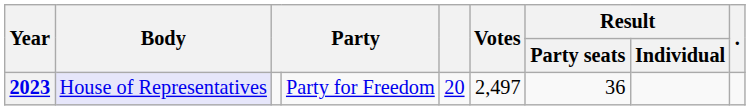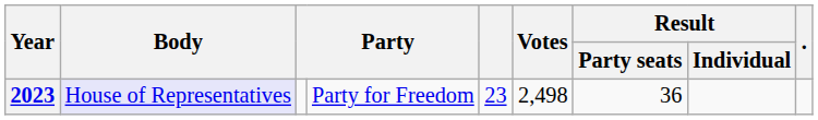 <table class="wikitable plainrowheaders sortable" border=2 cellpadding=4 cellspacing=0 style="border: 1px #aaa solid; font-size: 90%; text-align:center;">
 <tr>
 <th scope="col" rowspan=2>Year</th>
 <th scope="col" rowspan=2>Body</th>
 <th scope="col" colspan=2 rowspan=2>Party</th>
 <th scope="col" rowspan=2></th>
 <th scope="col" rowspan=2>Votes</th>
 <th scope="colgroup" colspan=2>Result</th>
 <th scope="col" rowspan=2 class="unsortable">.</th>
 </tr>
 <tr>
 <th scope="col">Party seats</th>
 <th scope="col">Individual</th>
 </tr>
 <tr>
 <th scope="row"><a href='#'>2023</a></th>
 <td style="background: lavender;"><a href='#'>House of Representatives</a></td>
 <td style="background-color:"></td>
 <td><a href='#'>Party for Freedom</a></td>
-<td style=text-align:right><a href='#'>20</a></td>
-<td style=text-align:right>2,497</td>
+<td style=text-align:right><a href='#'>23</a></td>
+<td style=text-align:right>2,498</td>
 <td style=text-align:right>36</td>
 <td></td>
 <td></td>
 </tr>
 </table>
